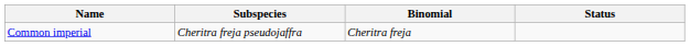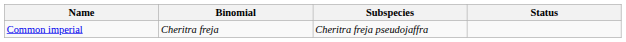 <table width=60% class="wikitable">
 <tr>
 <th width=20%>Name</th>
+<th width=20%>Binomial</th>
 <th width=20%>Subspecies</th>
-<th width=20%>Binomial</th>
 <th width=20%>Status</th>
 </tr>
 <tr>
 <td><a href='#'>Common imperial</a><br> </td>
+<td><em>Cheritra freja</em></td>
 <td><em>Cheritra freja pseudojaffra</em></td>
-<td><em>Cheritra freja</em></td>
 <td></td>
 </tr>
 </table>
